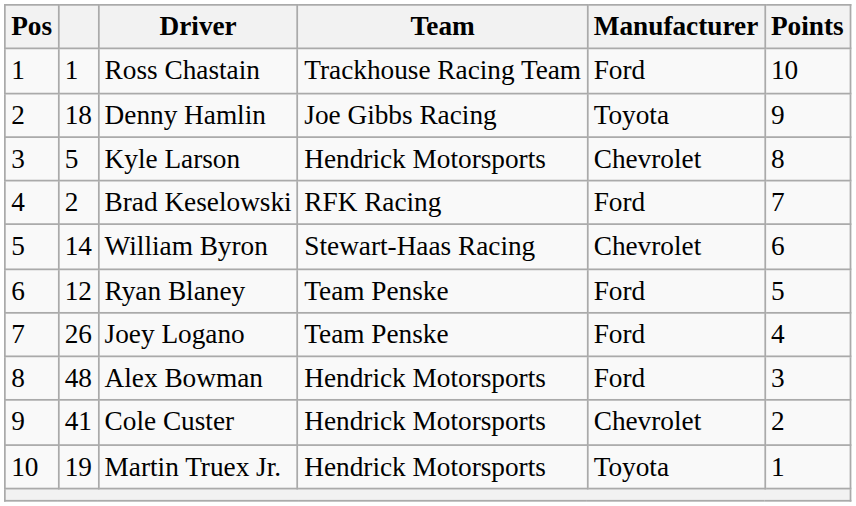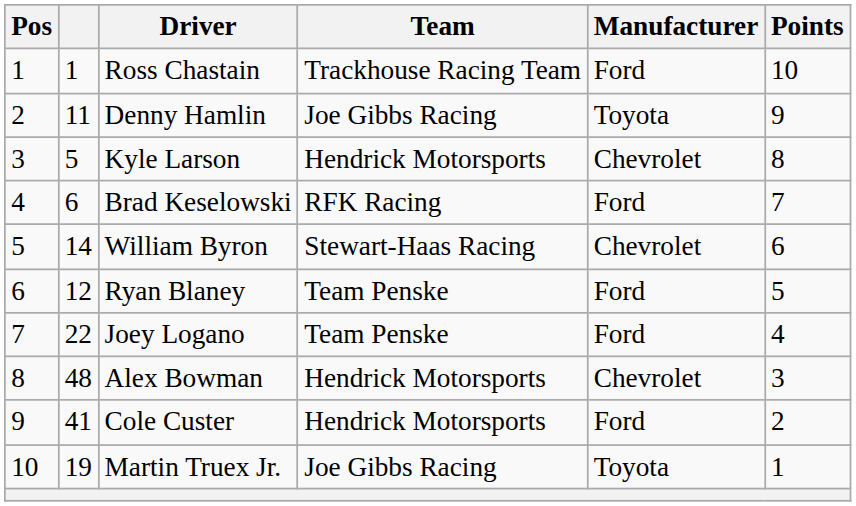 <table class="wikitable" style="font-size:98%">
 <tr>
 <th>Pos</th>
 <th></th>
 <th>Driver</th>
 <th>Team</th>
 <th>Manufacturer</th>
 <th>Points</th>
 </tr>
 <tr>
 <td>1</td>
 <td>1</td>
 <td>Ross Chastain</td>
 <td>Trackhouse Racing Team</td>
 <td>Ford</td>
 <td>10</td>
 </tr>
 <tr>
 <td>2</td>
-<td>18</td>
+<td>11</td>
 <td>Denny Hamlin</td>
 <td>Joe Gibbs Racing</td>
 <td>Toyota</td>
 <td>9</td>
 </tr>
 <tr>
 <td>3</td>
 <td>5</td>
 <td>Kyle Larson</td>
 <td>Hendrick Motorsports</td>
 <td>Chevrolet</td>
 <td>8</td>
 </tr>
 <tr>
 <td>4</td>
-<td>2</td>
+<td>6</td>
 <td>Brad Keselowski</td>
 <td>RFK Racing</td>
 <td>Ford</td>
 <td>7</td>
 </tr>
 <tr>
 <td>5</td>
 <td>14</td>
 <td>William Byron</td>
 <td>Stewart-Haas Racing</td>
 <td>Chevrolet</td>
 <td>6</td>
 </tr>
 <tr>
 <td>6</td>
 <td>12</td>
 <td>Ryan Blaney</td>
 <td>Team Penske</td>
 <td>Ford</td>
 <td>5</td>
 </tr>
 <tr>
 <td>7</td>
-<td>26</td>
+<td>22</td>
 <td>Joey Logano</td>
 <td>Team Penske</td>
 <td>Ford</td>
 <td>4</td>
 </tr>
 <tr>
 <td>8</td>
 <td>48</td>
 <td>Alex Bowman</td>
 <td>Hendrick Motorsports</td>
-<td>Ford</td>
+<td>Chevrolet</td>
 <td>3</td>
 </tr>
 <tr>
 <td>9</td>
 <td>41</td>
 <td>Cole Custer</td>
 <td>Hendrick Motorsports</td>
-<td>Chevrolet</td>
+<td>Ford</td>
 <td>2</td>
 </tr>
 <tr>
 <td>10</td>
 <td>19</td>
 <td>Martin Truex Jr.</td>
-<td>Hendrick Motorsports</td>
+<td>Joe Gibbs Racing</td>
 <td>Toyota</td>
 <td>1</td>
 </tr>
 <tr>
 <th colspan="6"></th>
 </tr>
 </table>
